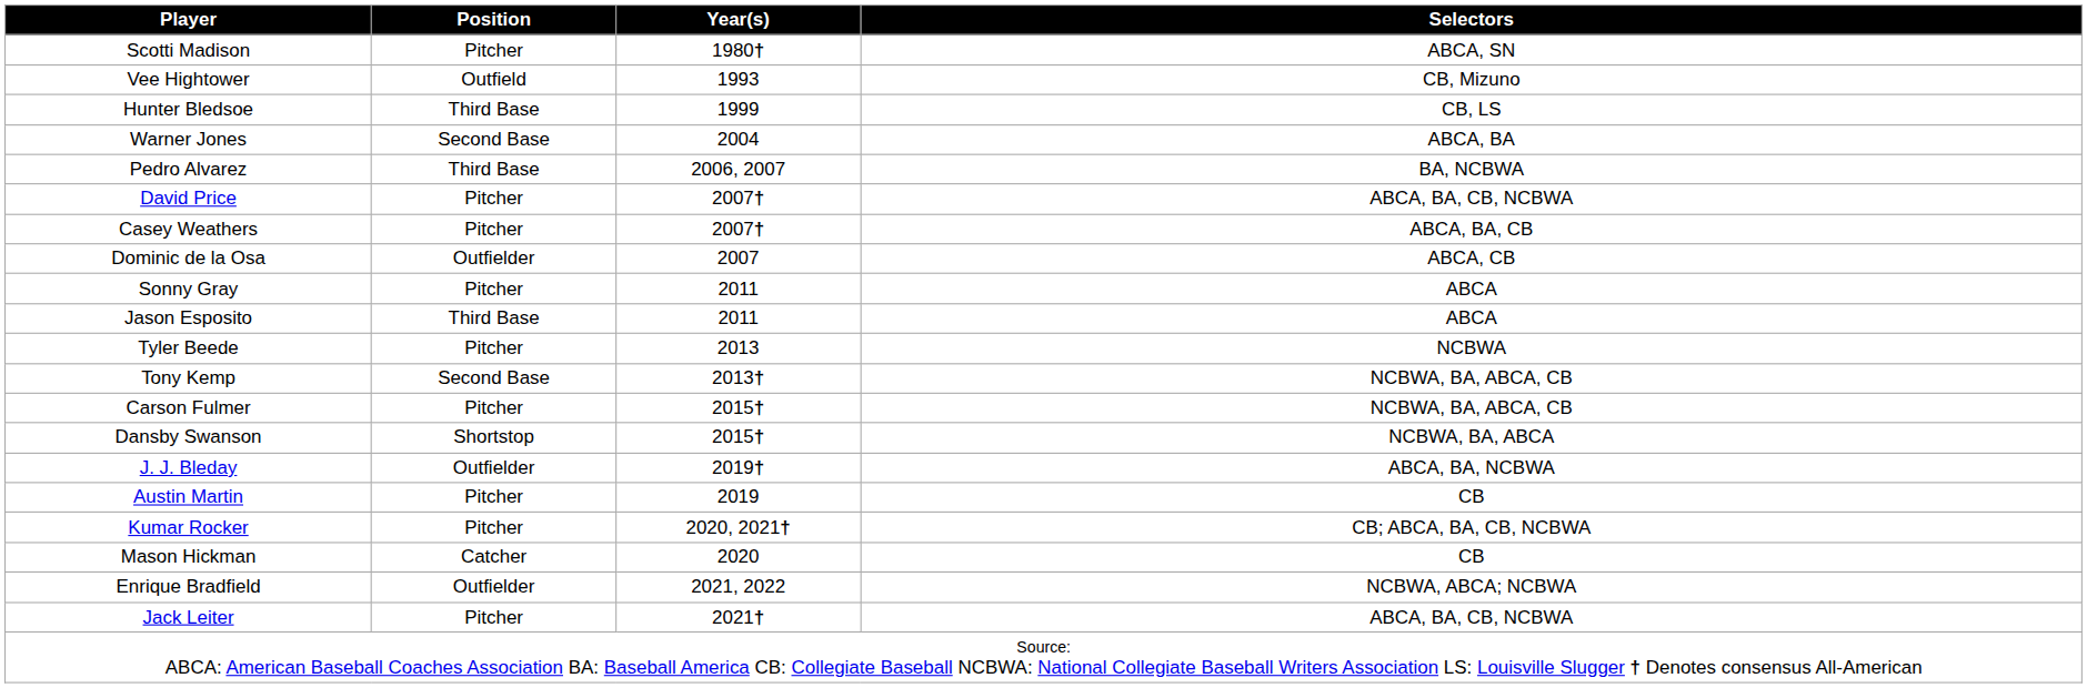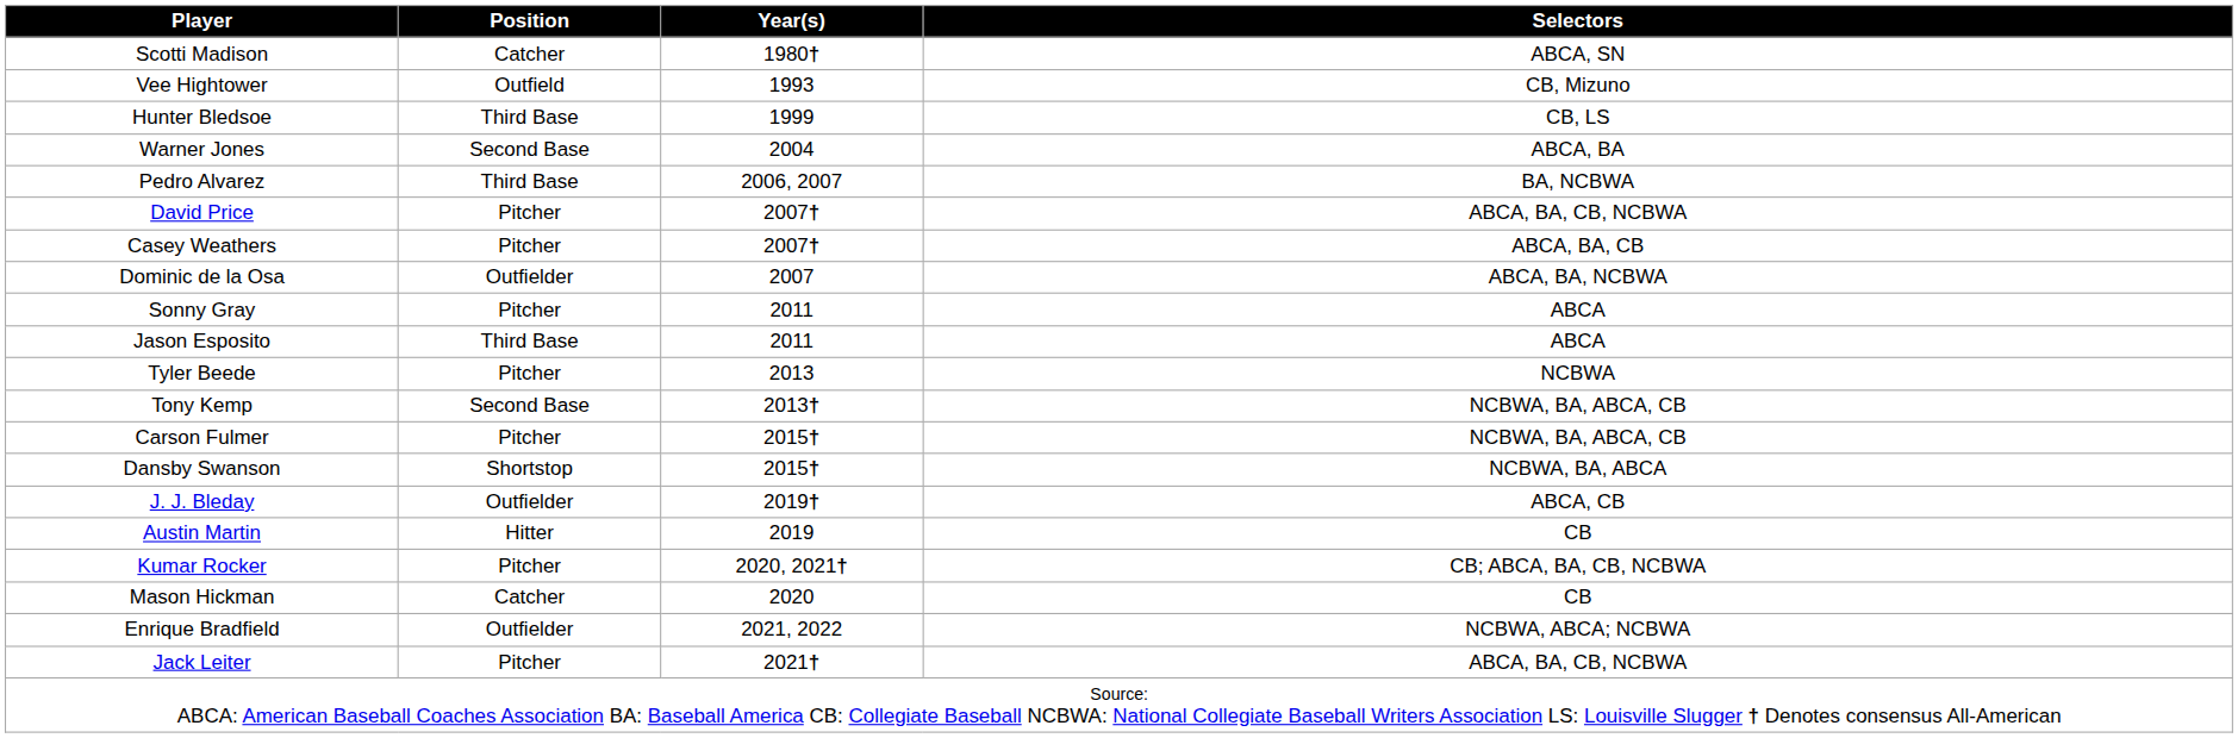 <table class="wikitable" style="background:white; min-width:70%">
 <tr>
 <th style="background: black; color:white; width:15%">Player</th>
 <th style="background: black; color:white; width:10%">Position</th>
 <th style="background: black; color:white; width:10%">Year(s)</th>
 <th style="background: black; color:white; width:50%">Selectors</th>
 </tr>
 <tr style="text-align:center;">
 <td>Scotti Madison</td>
-<td>Pitcher</td>
+<td>Catcher</td>
 <td>1980<strong>†</strong></td>
 <td>ABCA, SN</td>
 </tr>
 <tr style="text-align:center;">
 <td>Vee Hightower</td>
 <td>Outfield</td>
 <td>1993</td>
 <td>CB, Mizuno</td>
 </tr>
 <tr style="text-align:center;">
 <td>Hunter Bledsoe</td>
 <td>Third Base</td>
 <td>1999</td>
 <td>CB, LS</td>
 </tr>
 <tr style="text-align:center;">
 <td>Warner Jones</td>
 <td>Second Base</td>
 <td>2004</td>
 <td>ABCA, BA</td>
 </tr>
 <tr style="text-align:center;">
 <td>Pedro Alvarez</td>
 <td>Third Base</td>
 <td>2006, 2007</td>
 <td>BA, NCBWA</td>
 </tr>
 <tr style="text-align:center;">
 <td><a href='#'>David Price</a></td>
 <td>Pitcher</td>
 <td>2007<strong>†</strong></td>
 <td>ABCA, BA, CB, NCBWA</td>
 </tr>
 <tr style="text-align:center;">
 <td>Casey Weathers</td>
 <td>Pitcher</td>
 <td>2007<strong>†</strong></td>
 <td>ABCA, BA, CB</td>
 </tr>
 <tr style="text-align:center;">
 <td>Dominic de la Osa</td>
 <td>Outfielder</td>
 <td>2007</td>
-<td>ABCA, CB</td>
+<td>ABCA, BA, NCBWA</td>
 </tr>
 <tr style="text-align:center;">
 <td>Sonny Gray</td>
 <td>Pitcher</td>
 <td>2011</td>
 <td>ABCA</td>
 </tr>
 <tr style="text-align:center;">
 <td>Jason Esposito</td>
 <td>Third Base</td>
 <td>2011</td>
 <td>ABCA</td>
 </tr>
 <tr style="text-align:center;">
 <td>Tyler Beede</td>
 <td>Pitcher</td>
 <td>2013</td>
 <td>NCBWA</td>
 </tr>
 <tr style="text-align:center;">
 <td>Tony Kemp</td>
 <td>Second Base</td>
 <td>2013<strong>†</strong></td>
 <td>NCBWA, BA, ABCA, CB</td>
 </tr>
 <tr style="text-align:center;">
 <td>Carson Fulmer</td>
 <td>Pitcher</td>
 <td>2015<strong>†</strong></td>
 <td>NCBWA, BA, ABCA, CB</td>
 </tr>
 <tr style="text-align:center;">
 <td>Dansby Swanson</td>
 <td>Shortstop</td>
 <td>2015<strong>†</strong></td>
 <td>NCBWA, BA, ABCA</td>
 </tr>
 <tr style="text-align:center;">
 <td><a href='#'>J. J. Bleday</a></td>
 <td>Outfielder</td>
 <td>2019<strong>†</strong></td>
-<td>ABCA, BA, NCBWA</td>
+<td>ABCA, CB</td>
 </tr>
 <tr style="text-align:center;">
 <td><a href='#'>Austin Martin</a></td>
-<td>Pitcher</td>
+<td>Hitter</td>
 <td>2019</td>
 <td>CB</td>
 </tr>
 <tr style="text-align:center;">
 <td><a href='#'>Kumar Rocker</a></td>
 <td>Pitcher</td>
 <td>2020, 2021<strong>†</strong></td>
 <td>CB; ABCA, BA, CB, NCBWA</td>
 </tr>
 <tr style="text-align:center;">
 <td>Mason Hickman</td>
 <td>Catcher</td>
 <td>2020</td>
 <td>CB</td>
 </tr>
 <tr style="text-align:center;">
 <td>Enrique Bradfield</td>
 <td>Outfielder</td>
 <td>2021, 2022</td>
 <td>NCBWA, ABCA; NCBWA</td>
 </tr>
 <tr style="text-align:center;">
 <td><a href='#'>Jack Leiter</a></td>
 <td>Pitcher</td>
 <td>2021<strong>†</strong></td>
 <td>ABCA, BA, CB, NCBWA</td>
 </tr>
 <tr style="text-align:center;">
 <td colspan=4><small>Source:</small><br>ABCA: <a href='#'>American Baseball Coaches Association</a> BA: <a href='#'>Baseball America</a> CB: <a href='#'>Collegiate Baseball</a> NCBWA: <a href='#'>National Collegiate Baseball Writers Association</a> LS: <a href='#'>Louisville Slugger</a> <strong>†</strong> Denotes consensus All-American</td>
 </tr>
 </table>
